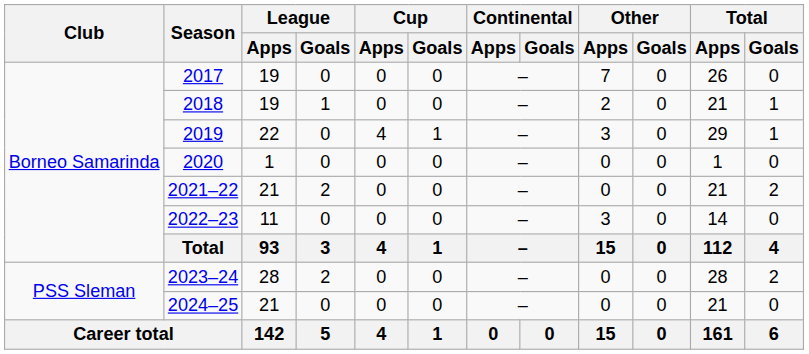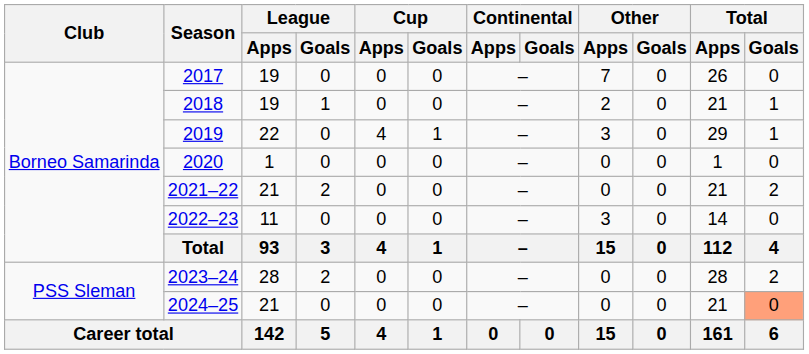 <table class="wikitable" style="text-align:center">
 <tr>
 <th rowspan="2">Club</th>
 <th rowspan="2">Season</th>
 <th colspan="2">League</th>
 <th colspan="2">Cup</th>
 <th colspan="2">Continental</th>
 <th colspan="2">Other</th>
 <th colspan="2">Total</th>
 </tr>
 <tr>
 <th>Apps</th>
 <th>Goals</th>
 <th>Apps</th>
 <th>Goals</th>
 <th>Apps</th>
 <th>Goals</th>
 <th>Apps</th>
 <th>Goals</th>
 <th>Apps</th>
 <th>Goals</th>
 </tr>
 <tr>
 <td rowspan="7" valign="center"><a href='#'>Borneo Samarinda</a></td>
 <td><a href='#'>2017</a></td>
 <td>19</td>
 <td>0</td>
 <td>0</td>
 <td>0</td>
 <td colspan=2>–</td>
 <td>7</td>
 <td>0</td>
 <td>26</td>
 <td>0</td>
 </tr>
 <tr>
 <td><a href='#'>2018</a></td>
 <td>19</td>
 <td>1</td>
 <td>0</td>
 <td>0</td>
 <td colspan=2>–</td>
 <td>2</td>
 <td>0</td>
 <td>21</td>
 <td>1</td>
 </tr>
 <tr>
 <td><a href='#'>2019</a></td>
 <td>22</td>
 <td>0</td>
 <td>4</td>
 <td>1</td>
 <td colspan=2>–</td>
 <td>3</td>
 <td>0</td>
 <td>29</td>
 <td>1</td>
 </tr>
 <tr>
 <td><a href='#'>2020</a></td>
 <td>1</td>
 <td>0</td>
 <td>0</td>
 <td>0</td>
 <td colspan=2>–</td>
 <td>0</td>
 <td>0</td>
 <td>1</td>
 <td>0</td>
 </tr>
 <tr>
 <td><a href='#'>2021–22</a></td>
 <td>21</td>
 <td>2</td>
 <td>0</td>
 <td>0</td>
 <td colspan=2>–</td>
 <td>0</td>
 <td>0</td>
 <td>21</td>
 <td>2</td>
 </tr>
 <tr>
 <td><a href='#'>2022–23</a></td>
 <td>11</td>
 <td>0</td>
 <td>0</td>
 <td>0</td>
 <td colspan=2>–</td>
 <td>3</td>
 <td>0</td>
 <td>14</td>
 <td>0</td>
 </tr>
 <tr>
 <th colspan="1">Total</th>
 <th>93</th>
 <th>3</th>
 <th>4</th>
 <th>1</th>
 <th colspan=2>–</th>
 <th>15</th>
 <th>0</th>
 <th>112</th>
 <th>4</th>
 </tr>
 <tr>
 <td rowspan="2" valign="center"><a href='#'>PSS Sleman</a></td>
 <td><a href='#'>2023–24</a></td>
 <td>28</td>
 <td>2</td>
 <td>0</td>
 <td>0</td>
 <td colspan=2>–</td>
 <td>0</td>
 <td>0</td>
 <td>28</td>
 <td>2</td>
 </tr>
 <tr>
 <td><a href='#'>2024–25</a></td>
 <td>21</td>
 <td>0</td>
 <td>0</td>
 <td>0</td>
 <td colspan="2">–</td>
 <td>0</td>
 <td>0</td>
 <td>21</td>
-<td>0</td>
+<td style="background: lightsalmon;">0</td>
 </tr>
 <tr>
 <th colspan="2">Career total</th>
 <th>142</th>
 <th>5</th>
 <th>4</th>
 <th>1</th>
 <th>0</th>
 <th>0</th>
 <th>15</th>
 <th>0</th>
 <th>161</th>
 <th>6</th>
 </tr>
 </table>
